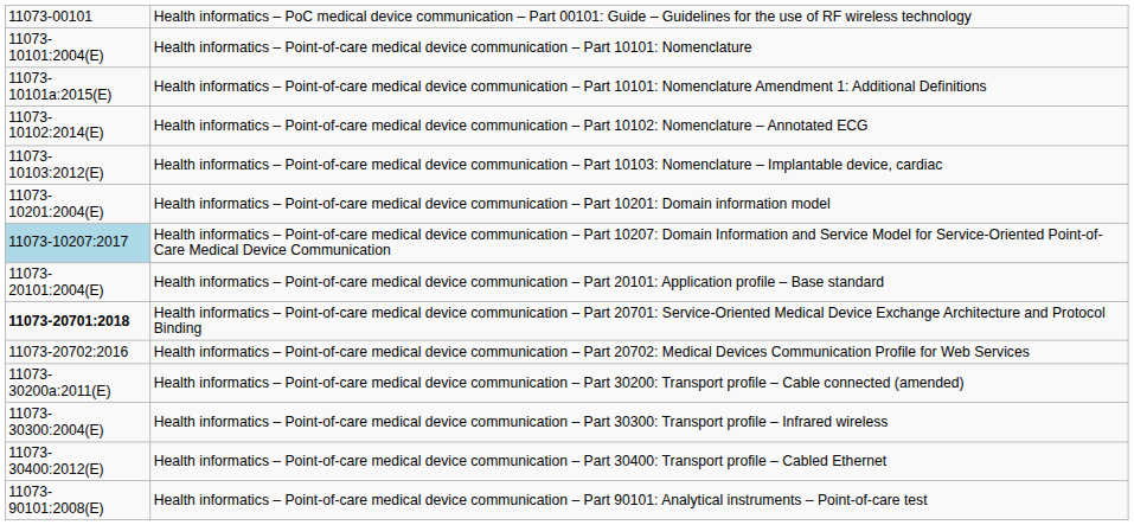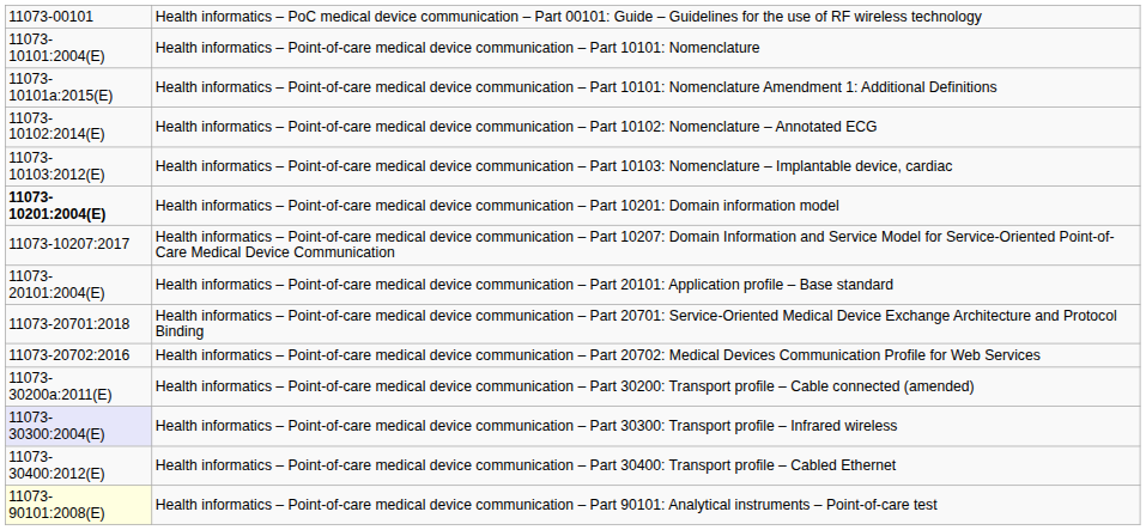 <table class="wikitable">
 <tr>
 <td>11073-00101</td>
 <td>Health informatics – PoC medical device communication – Part 00101: Guide – Guidelines for the use of RF wireless technology</td>
 </tr>
 <tr>
 <td>11073-10101:2004(E)</td>
 <td>Health informatics – Point-of-care medical device communication – Part 10101: Nomenclature</td>
 </tr>
 <tr>
 <td>11073-10101a:2015(E)</td>
 <td>Health informatics – Point-of-care medical device communication – Part 10101: Nomenclature Amendment 1: Additional Definitions</td>
 </tr>
 <tr>
 <td>11073-10102:2014(E)</td>
 <td>Health informatics – Point-of-care medical device communication – Part 10102: Nomenclature – Annotated ECG</td>
 </tr>
 <tr>
 <td>11073-10103:2012(E)</td>
 <td>Health informatics – Point-of-care medical device communication – Part 10103: Nomenclature – Implantable device, cardiac</td>
 </tr>
 <tr>
-<td>11073-10201:2004(E)</td>
+<td><strong>11073-10201:2004(E)</strong></td>
 <td>Health informatics – Point-of-care medical device communication – Part 10201: Domain information model</td>
 </tr>
 <tr>
-<td style="background: lightblue;">11073-10207:2017</td>
+<td>11073-10207:2017</td>
 <td>Health informatics – Point-of-care medical device communication – Part 10207: Domain Information and Service Model for Service-Oriented Point-of-Care Medical Device Communication</td>
 </tr>
 <tr>
 <td>11073-20101:2004(E)</td>
 <td>Health informatics – Point-of-care medical device communication – Part 20101: Application profile – Base standard</td>
 </tr>
 <tr>
-<td><strong>11073-20701:2018</strong></td>
+<td>11073-20701:2018</td>
 <td>Health informatics – Point-of-care medical device communication – Part 20701: Service-Oriented Medical Device Exchange Architecture and Protocol Binding</td>
 </tr>
 <tr>
 <td>11073-20702:2016</td>
 <td>Health informatics – Point-of-care medical device communication – Part 20702: Medical Devices Communication Profile for Web Services</td>
 </tr>
 <tr>
 <td>11073-30200a:2011(E)</td>
 <td>Health informatics – Point-of-care medical device communication – Part 30200: Transport profile – Cable connected (amended)</td>
 </tr>
 <tr>
-<td>11073-30300:2004(E)</td>
+<td style="background: lavender;">11073-30300:2004(E)</td>
 <td>Health informatics – Point-of-care medical device communication – Part 30300: Transport profile – Infrared wireless</td>
 </tr>
 <tr>
 <td>11073-30400:2012(E)</td>
 <td>Health informatics – Point-of-care medical device communication – Part 30400: Transport profile – Cabled Ethernet</td>
 </tr>
 <tr>
-<td>11073-90101:2008(E)</td>
+<td style="background: lightyellow;">11073-90101:2008(E)</td>
 <td>Health informatics – Point-of-care medical device communication – Part 90101: Analytical instruments – Point-of-care test</td>
 </tr>
 </table>
